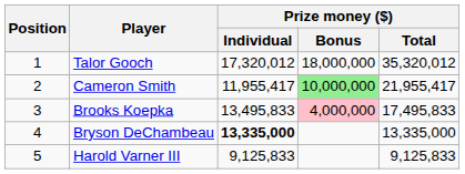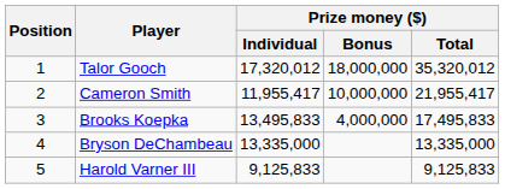 <table class="wikitable">
 <tr>
 <th rowspan=2>Position</th>
 <th rowspan=2>Player</th>
 <th colspan=3>Prize money ($)</th>
 </tr>
 <tr>
 <th>Individual</th>
 <th>Bonus</th>
 <th>Total</th>
 </tr>
 <tr>
 <td align=center>1</td>
 <td> <a href='#'>Talor Gooch</a></td>
 <td align=right>17,320,012</td>
 <td align=right>18,000,000</td>
 <td align=right>35,320,012</td>
 </tr>
 <tr>
 <td align=center>2</td>
 <td> <a href='#'>Cameron Smith</a></td>
 <td align=right>11,955,417</td>
-<td align=right style="background: lightgreen;">10,000,000</td>
+<td align=right>10,000,000</td>
 <td align=right>21,955,417</td>
 </tr>
 <tr>
 <td align=center>3</td>
 <td> <a href='#'>Brooks Koepka</a></td>
 <td align=right>13,495,833</td>
-<td align=right style="background: pink;">4,000,000</td>
+<td align=right>4,000,000</td>
 <td align=right>17,495,833</td>
 </tr>
 <tr>
 <td align=center>4</td>
 <td> <a href='#'>Bryson DeChambeau</a></td>
-<td align=right><strong>13,335,000</strong></td>
+<td align=right>13,335,000</td>
 <td align=right></td>
 <td align=right>13,335,000</td>
 </tr>
 <tr>
 <td align=center>5</td>
 <td> <a href='#'>Harold Varner III</a></td>
 <td align=right>9,125,833</td>
 <td align=right></td>
 <td align=right>9,125,833</td>
 </tr>
 </table>
